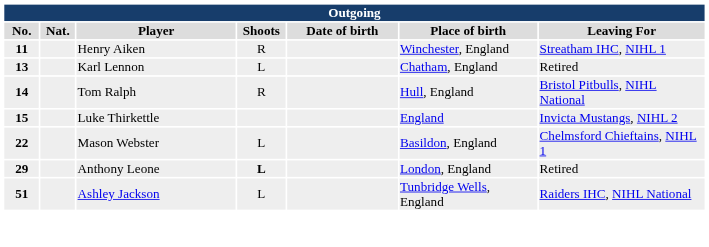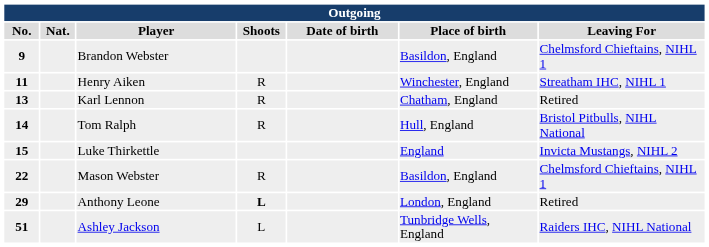 <table class="toccolours" style="width:97%; clear:both; margin:1.5em auto; text-align:center;">
 <tr>
 <th colspan="7" style="background:#173d6b; color:white;”">Outgoing</th>
 </tr>
 <tr style="background:#ddd;">
 <th width="5%">No.</th>
 <th width="5%">Nat.</th>
 <th>Player</th>
 <th width="7%">Shoots</th>
 <th width="16%">Date of birth</th>
 <th width="20%">Place of birth</th>
 <th width="24%">Leaving For</th>
 </tr>
 <tr style="background:#eee;">
+<td><strong>9</strong></td>
+<td></td>
+<td align=left>Brandon Webster</td>
+<td></td>
+<td align=left></td>
+<td align=left><a href='#'>Basildon</a>, England</td>
+<td align=left><a href='#'>Chelmsford Chieftains</a>, <a href='#'>NIHL 1</a></td>
+</tr>
+<tr style="background:#eee;">
 <td><strong>11</strong></td>
 <td></td>
 <td align=left>Henry Aiken</td>
 <td>R</td>
 <td align=left></td>
 <td align=left><a href='#'>Winchester</a>, England</td>
 <td align=left><a href='#'>Streatham IHC</a>, <a href='#'>NIHL 1</a></td>
 </tr>
 <tr style="background:#eee;">
 <td><strong>13</strong></td>
 <td></td>
 <td align=left>Karl Lennon</td>
-<td>L</td>
+<td>R</td>
 <td align=left></td>
 <td align=left><a href='#'>Chatham</a>, England</td>
 <td align=left>Retired</td>
 </tr>
 <tr style="background:#eee;">
 <td><strong>14</strong></td>
 <td></td>
 <td align=left>Tom Ralph</td>
 <td>R</td>
 <td align=left></td>
 <td align=left><a href='#'>Hull</a>, England</td>
 <td align=left><a href='#'>Bristol Pitbulls</a>, <a href='#'>NIHL National</a></td>
 </tr>
 <tr style="background:#eee;">
 <td><strong>15</strong></td>
 <td></td>
 <td align=left>Luke Thirkettle</td>
 <td></td>
 <td align=left></td>
 <td align=left><a href='#'>England</a></td>
 <td align=left><a href='#'>Invicta Mustangs</a>, <a href='#'>NIHL 2</a></td>
 </tr>
 <tr style="background:#eee;">
 <td><strong>22</strong></td>
 <td></td>
 <td align=left>Mason Webster</td>
-<td>L</td>
+<td>R</td>
 <td align=left></td>
 <td align=left><a href='#'>Basildon</a>, England</td>
 <td align=left><a href='#'>Chelmsford Chieftains</a>, <a href='#'>NIHL 1</a></td>
 </tr>
 <tr style="background:#eee;">
 <td><strong>29</strong></td>
 <td></td>
 <td align=left>Anthony Leone</td>
 <td><strong>L</strong></td>
 <td align=left></td>
 <td align=left><a href='#'>London</a>, England</td>
 <td align=left>Retired</td>
 </tr>
 <tr style="background:#eee;">
 <td><strong>51</strong></td>
 <td></td>
 <td align=left><a href='#'>Ashley Jackson</a></td>
 <td>L</td>
 <td align=left></td>
 <td align=left><a href='#'>Tunbridge Wells</a>, England</td>
 <td align=left><a href='#'>Raiders IHC</a>, <a href='#'>NIHL National</a></td>
 </tr>
 </table>
